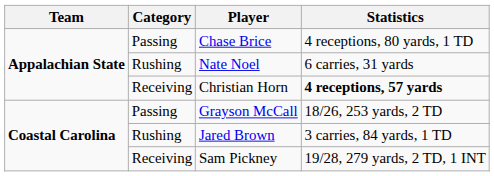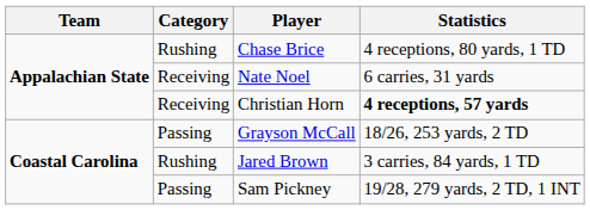 <table class="wikitable" style="float: right;">
 <tr>
 <th>Team</th>
 <th>Category</th>
 <th>Player</th>
 <th>Statistics</th>
 </tr>
 <tr>
 <td rowspan=3><strong>Appalachian State</strong></td>
-<td>Passing</td>
+<td>Rushing</td>
 <td><a href='#'>Chase Brice</a></td>
 <td>4 receptions, 80 yards, 1 TD</td>
 </tr>
 <tr>
-<td>Rushing</td>
+<td>Receiving</td>
 <td><a href='#'>Nate Noel</a></td>
 <td>6 carries, 31 yards</td>
 </tr>
 <tr>
 <td>Receiving</td>
 <td>Christian Horn</td>
 <td><strong>4 receptions, 57 yards</strong></td>
 </tr>
 <tr>
 <td rowspan=3><strong>Coastal Carolina</strong></td>
 <td>Passing</td>
 <td><a href='#'>Grayson McCall</a></td>
 <td>18/26, 253 yards, 2 TD</td>
 </tr>
 <tr>
 <td>Rushing</td>
 <td><a href='#'>Jared Brown</a></td>
 <td>3 carries, 84 yards, 1 TD</td>
 </tr>
 <tr>
-<td>Receiving</td>
+<td>Passing</td>
 <td>Sam Pickney</td>
 <td>19/28, 279 yards, 2 TD, 1 INT</td>
 </tr>
 </table>
